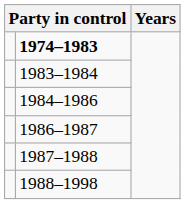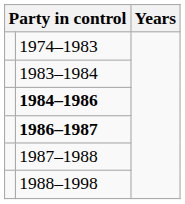 <table class="wikitable">
 <tr>
 <th colspan="2">Party in control</th>
 <th>Years</th>
 </tr>
 <tr>
 <td></td>
-<td><strong>1974–1983</strong></td>
+<td>1974–1983</td>
 </tr>
 <tr>
 <td></td>
 <td>1983–1984</td>
 </tr>
 <tr>
 <td></td>
-<td>1984–1986</td>
+<td><strong>1984–1986</strong></td>
 </tr>
 <tr>
 <td></td>
-<td>1986–1987</td>
+<td><strong>1986–1987</strong></td>
 </tr>
 <tr>
 <td></td>
 <td>1987–1988</td>
 </tr>
 <tr>
 <td></td>
 <td>1988–1998</td>
 </tr>
 </table>
